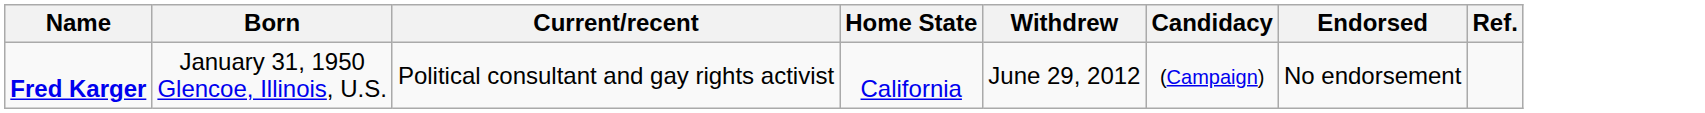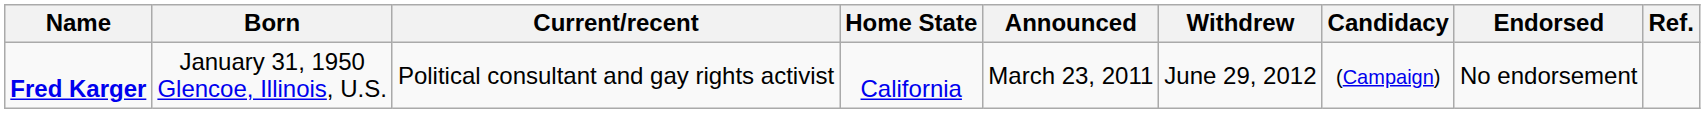 <table class="wikitable sortable" style="text-align:center; style:text-align:center">
 <tr>
 <th>Name</th>
 <th>Born</th>
 <th>Current/recent</th>
 <th>Home State</th>
+<th>Announced</th>
 <th>Withdrew</th>
 <th>Candidacy</th>
 <th>Endorsed</th>
 <th>Ref.</th>
 </tr>
 <tr>
 <td><br><strong><a href='#'>Fred Karger</a></strong></td>
 <td>January 31, 1950<br><a href='#'>Glencoe, Illinois</a>, U.S.</td>
 <td>Political consultant and gay rights activist</td>
 <td><br><a href='#'>California</a></td>
+<td>March 23, 2011</td>
 <td>June 29, 2012</td>
 <td><small>(<a href='#'>Campaign</a>)</small></td>
 <td>No endorsement</td>
 <td></td>
 </tr>
 </table>
